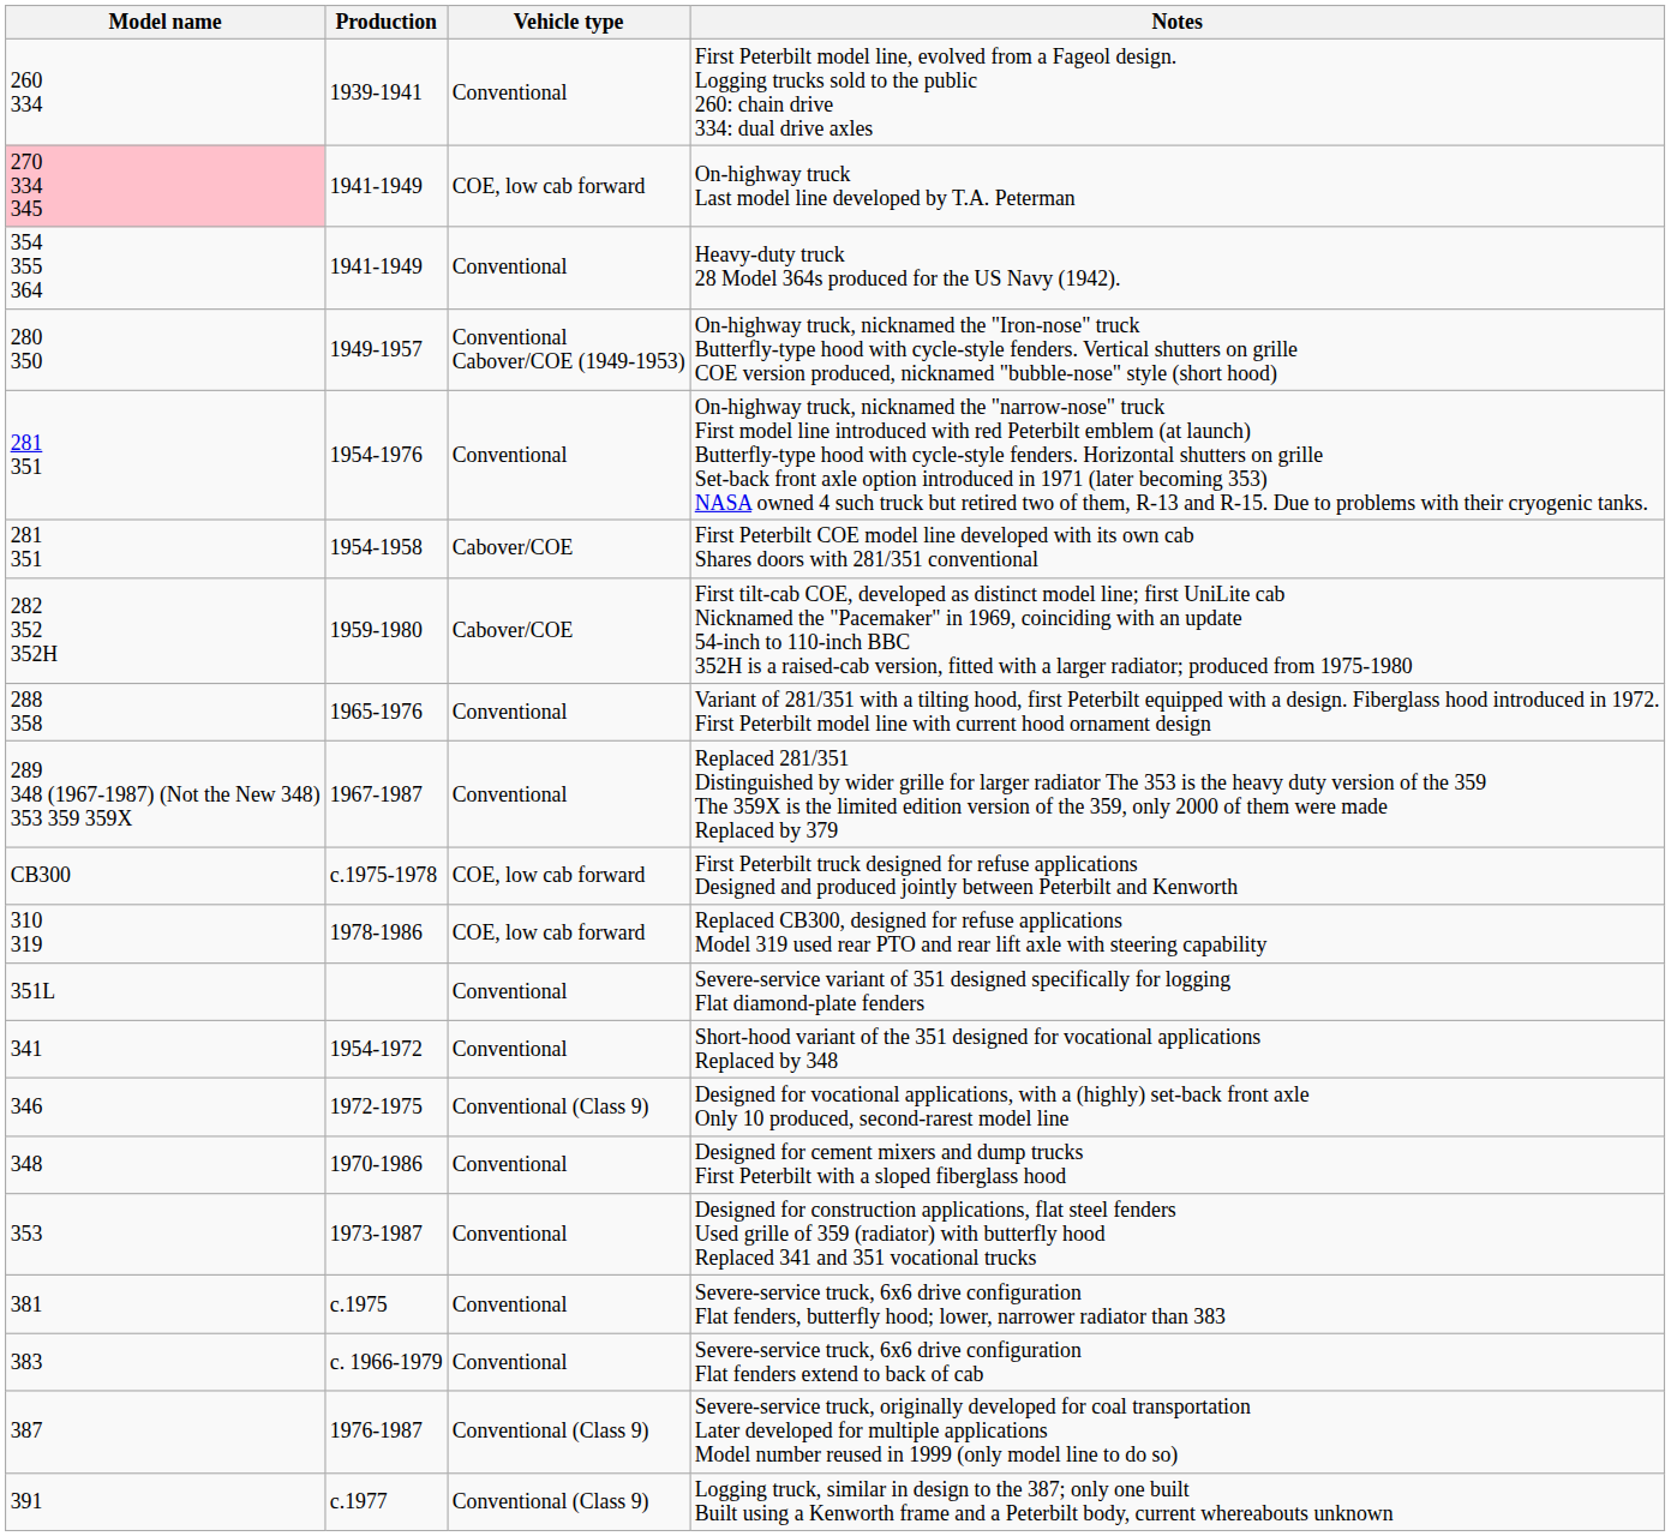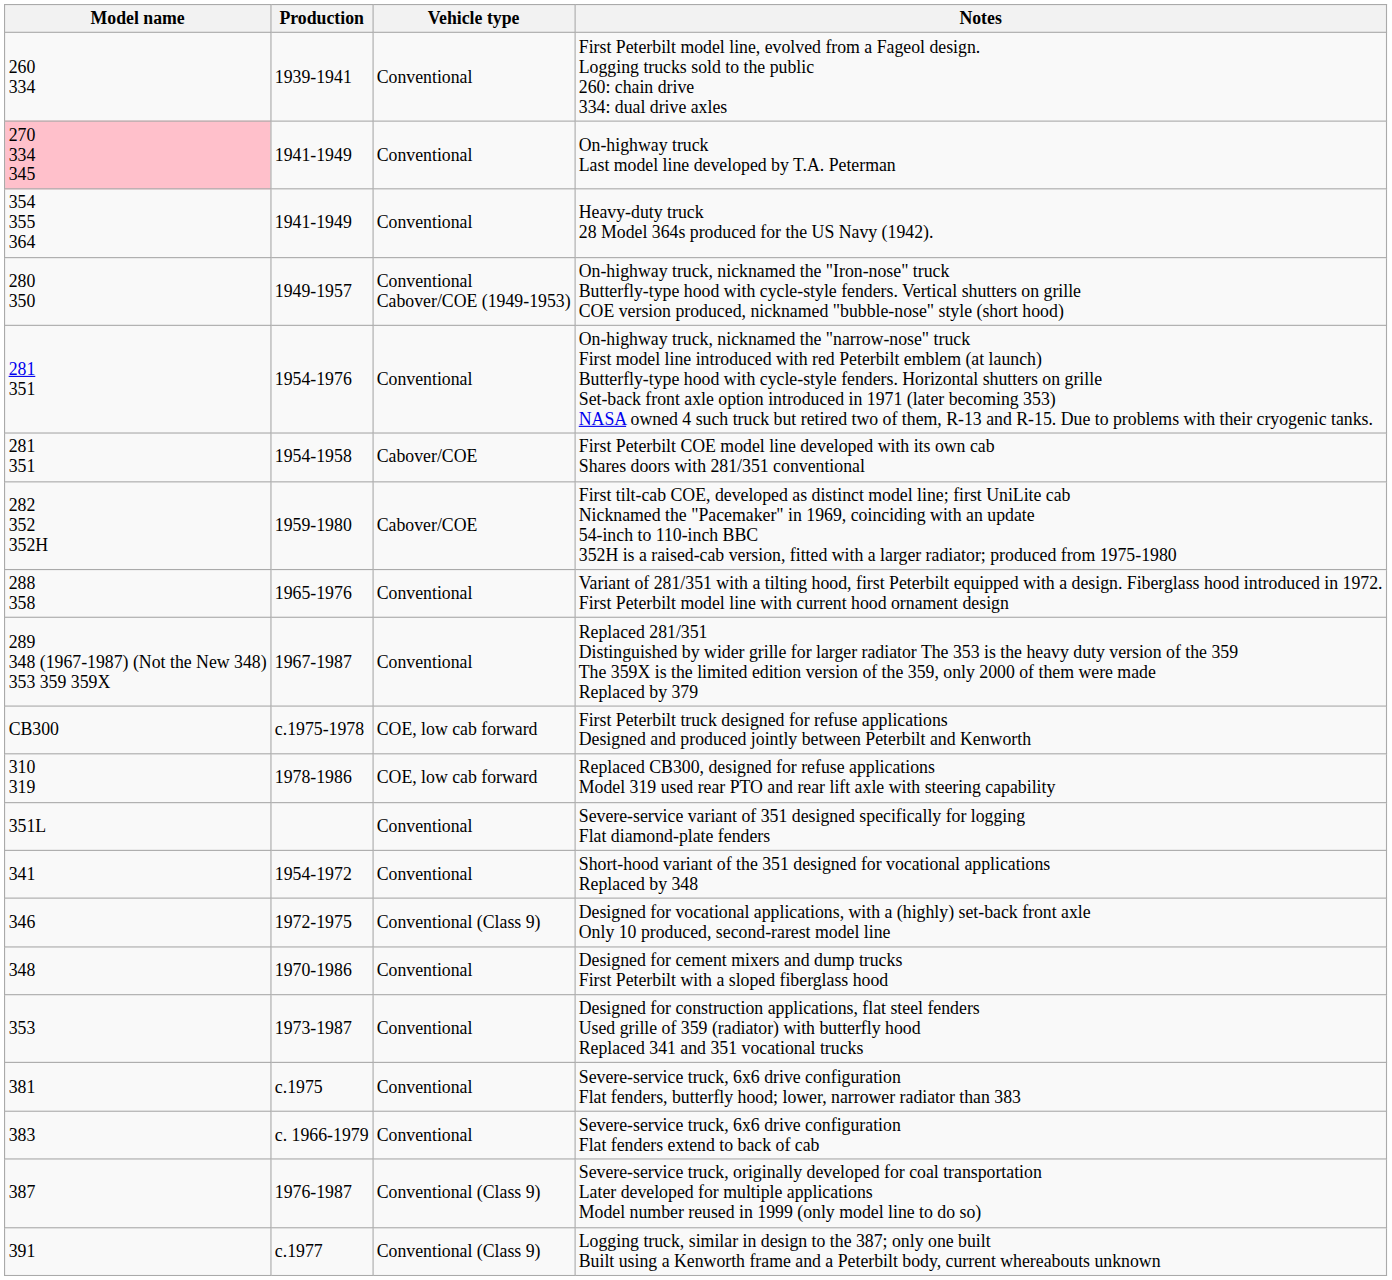 <table class="wikitable">
 <tr>
 <th>Model name</th>
 <th>Production</th>
 <th>Vehicle type</th>
 <th>Notes</th>
 </tr>
 <tr>
 <td>260<br>334</td>
 <td>1939-1941</td>
 <td>Conventional</td>
 <td>First Peterbilt model line, evolved from a Fageol design.<br>Logging trucks sold to the public<br>260: chain drive<br>334: dual drive axles</td>
 </tr>
 <tr>
 <td style="background: pink;">270<br>334<br>345</td>
 <td>1941-1949</td>
-<td>COE, low cab forward</td>
+<td>Conventional</td>
 <td>On-highway truck<br>Last model line developed by T.A. Peterman</td>
 </tr>
 <tr>
 <td>354<br>355<br>364</td>
 <td>1941-1949</td>
 <td>Conventional</td>
 <td>Heavy-duty truck<br>28 Model 364s produced for the US Navy (1942).</td>
 </tr>
 <tr>
 <td>280<br>350</td>
 <td>1949-1957</td>
 <td>Conventional<br>Cabover/COE (1949-1953)</td>
 <td>On-highway truck, nicknamed the "Iron-nose" truck<br>Butterfly-type hood with cycle-style fenders.  Vertical shutters on grille<br>COE version produced, nicknamed "bubble-nose" style (short hood)</td>
 </tr>
 <tr>
 <td><a href='#'>281</a><br>351</td>
 <td>1954-1976</td>
 <td>Conventional</td>
 <td>On-highway truck, nicknamed the "narrow-nose" truck<br>First model line introduced with red Peterbilt emblem (at launch)<br>Butterfly-type hood with cycle-style fenders.  Horizontal shutters on grille<br>Set-back front axle option introduced in 1971 (later becoming 353)<br><a href='#'>NASA</a> owned 4 such truck but retired two of them, R-13 and R-15. Due to problems with their cryogenic tanks.</td>
 </tr>
 <tr>
 <td>281<br>351</td>
 <td>1954-1958</td>
 <td>Cabover/COE</td>
 <td>First Peterbilt COE model line developed with its own cab<br>Shares doors with 281/351 conventional</td>
 </tr>
 <tr>
 <td>282<br>352<br>352H</td>
 <td>1959-1980</td>
 <td>Cabover/COE</td>
 <td>First tilt-cab COE, developed as distinct model line; first UniLite cab<br>Nicknamed the "Pacemaker" in 1969, coinciding with an update<br>54-inch to 110-inch BBC<br>352H is a raised-cab version, fitted with a larger radiator; produced from 1975-1980</td>
 </tr>
 <tr>
 <td>288<br>358</td>
 <td>1965-1976</td>
 <td>Conventional</td>
 <td>Variant of 281/351 with a tilting hood, first Peterbilt equipped with a design. Fiberglass hood introduced in 1972.<br>First Peterbilt model line with current hood ornament design</td>
 </tr>
 <tr>
 <td>289<br>348 (1967-1987) (Not the New 348)<br>353 359 359X</td>
 <td>1967-1987</td>
 <td>Conventional</td>
 <td>Replaced 281/351<br>Distinguished by wider grille for larger radiator The 353 is the heavy duty version of the 359<br>The 359X is the limited edition version of the 359, only 2000 of them were made<br>Replaced by 379</td>
 </tr>
 <tr>
 <td>CB300</td>
 <td>c.1975-1978</td>
 <td>COE, low cab forward</td>
 <td>First Peterbilt truck designed for refuse applications<br>Designed and produced jointly between Peterbilt and Kenworth</td>
 </tr>
 <tr>
 <td>310<br>319</td>
 <td>1978-1986</td>
 <td>COE, low cab forward</td>
 <td>Replaced CB300, designed for refuse applications<br>Model 319 used rear PTO and rear lift axle with steering capability</td>
 </tr>
 <tr>
 <td>351L</td>
 <td></td>
 <td>Conventional</td>
 <td>Severe-service variant of 351 designed specifically for logging<br>Flat diamond-plate fenders</td>
 </tr>
 <tr>
 <td>341</td>
 <td>1954-1972</td>
 <td>Conventional</td>
 <td>Short-hood variant of the 351 designed for vocational applications<br>Replaced by 348</td>
 </tr>
 <tr>
 <td>346</td>
 <td>1972-1975</td>
 <td>Conventional (Class 9)</td>
 <td>Designed for vocational applications, with a (highly) set-back front axle<br>Only 10 produced, second-rarest model line</td>
 </tr>
 <tr>
 <td>348</td>
 <td>1970-1986</td>
 <td>Conventional</td>
 <td>Designed for cement mixers and dump trucks<br>First Peterbilt with a sloped fiberglass hood</td>
 </tr>
 <tr>
 <td>353</td>
 <td>1973-1987</td>
 <td>Conventional</td>
 <td>Designed for construction applications, flat steel fenders<br>Used grille of 359 (radiator) with butterfly hood<br>Replaced 341 and 351 vocational trucks</td>
 </tr>
 <tr>
 <td>381</td>
 <td>c.1975</td>
 <td>Conventional</td>
 <td>Severe-service truck, 6x6 drive configuration<br>Flat fenders, butterfly hood; lower, narrower radiator than 383</td>
 </tr>
 <tr>
 <td>383</td>
 <td>c. 1966-1979</td>
 <td>Conventional</td>
 <td>Severe-service truck, 6x6 drive configuration<br>Flat fenders extend to back of cab</td>
 </tr>
 <tr>
 <td>387</td>
 <td>1976-1987</td>
 <td>Conventional (Class 9)</td>
 <td>Severe-service truck, originally developed for coal transportation<br>Later developed for multiple applications<br>Model number reused in 1999 (only model line to do so)</td>
 </tr>
 <tr>
 <td>391</td>
 <td>c.1977</td>
 <td>Conventional (Class 9)</td>
 <td>Logging truck, similar in design to the 387; only one built<br>Built using a Kenworth frame and a Peterbilt body, current whereabouts unknown</td>
 </tr>
 </table>
